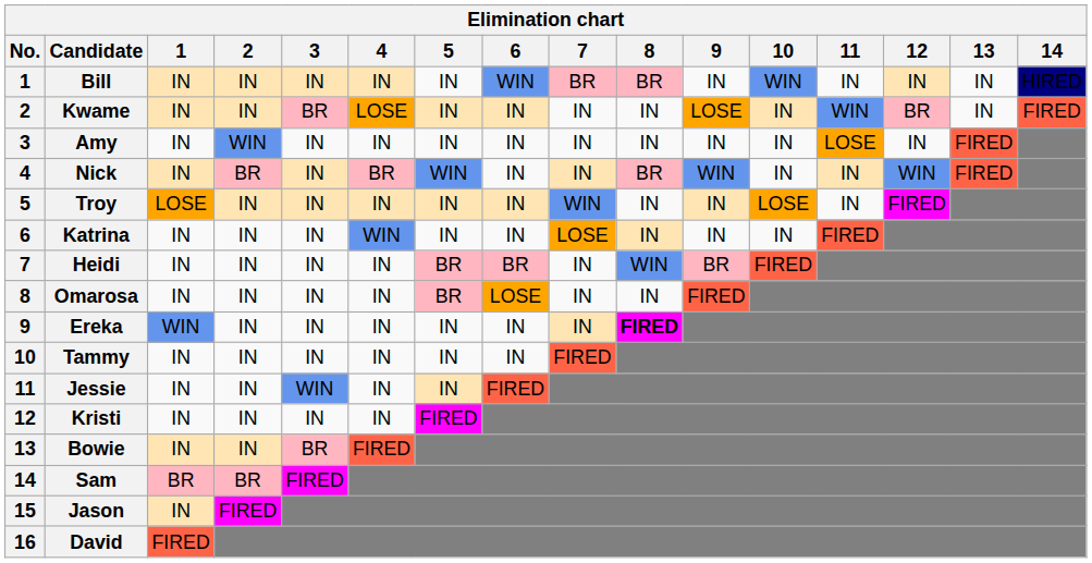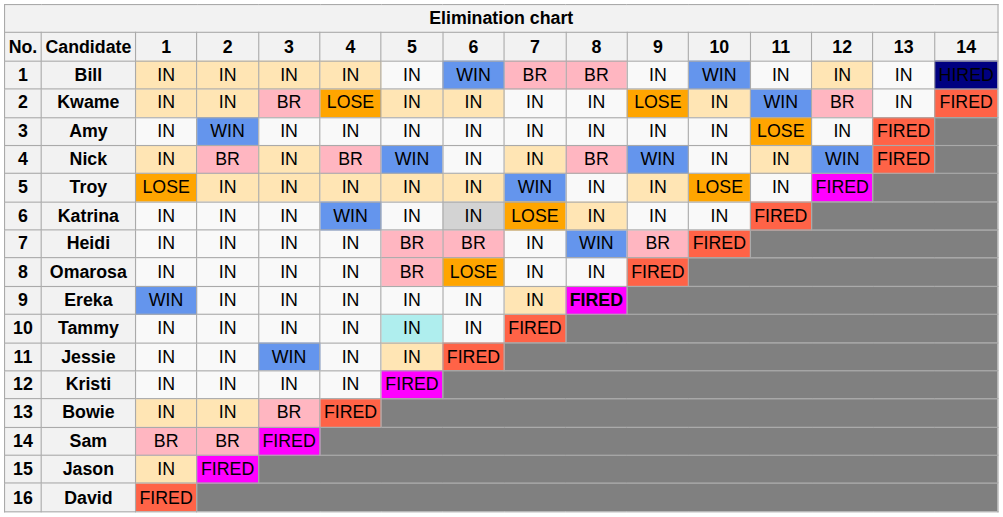 <table class="wikitable" style="text-align:center;">
 <tr>
 <th colspan="18">Elimination chart</th>
 </tr>
 <tr>
 <th>No.</th>
 <th>Candidate</th>
 <th>1</th>
 <th>2</th>
 <th>3</th>
 <th>4</th>
 <th>5</th>
 <th>6</th>
 <th>7</th>
 <th>8</th>
 <th>9</th>
 <th>10</th>
 <th>11</th>
 <th>12</th>
 <th>13</th>
 <th>14</th>
 </tr>
 <tr>
 <th>1</th>
 <th>Bill</th>
 <td style="background:#ffe5b4;">IN</td>
 <td style="background:#ffe5b4;">IN</td>
 <td style="background:#ffe5b4;">IN</td>
 <td style="background:#ffe5b4;">IN</td>
 <td>IN</td>
 <td style="background:cornflowerblue;">WIN</td>
 <td style="background:lightpink;">BR</td>
 <td style="background:lightpink;">BR</td>
 <td>IN</td>
 <td style="background:cornflowerblue;">WIN</td>
 <td>IN</td>
 <td style="background:#ffe5b4;">IN</td>
 <td>IN</td>
 <td style="background:navy;"><span>HIRED</span></td>
 </tr>
 <tr>
 <th>2</th>
 <th>Kwame</th>
 <td style="background:#ffe5b4;">IN</td>
 <td style="background:#ffe5b4;">IN</td>
 <td style="background:lightpink;">BR</td>
 <td style="background:orange;">LOSE</td>
 <td style="background:#ffe5b4;">IN</td>
 <td style="background:#ffe5b4;">IN</td>
 <td>IN</td>
 <td>IN</td>
 <td style="background:orange;">LOSE</td>
 <td style="background:#ffe5b4;">IN</td>
 <td style="background:cornflowerblue;">WIN</td>
 <td style="background:lightpink;">BR</td>
 <td>IN</td>
 <td style="background:tomato;">FIRED</td>
 </tr>
 <tr>
 <th>3</th>
 <th>Amy</th>
 <td>IN</td>
 <td style="background:cornflowerblue;">WIN</td>
 <td>IN</td>
 <td>IN</td>
 <td>IN</td>
 <td>IN</td>
 <td>IN</td>
 <td>IN</td>
 <td>IN</td>
 <td>IN</td>
 <td style="background:orange;">LOSE</td>
 <td>IN</td>
 <td style="background:tomato;">FIRED</td>
 <td colspan="1" style="background:gray;"></td>
 </tr>
 <tr>
 <th>4</th>
 <th>Nick</th>
 <td style="background:#ffe5b4;">IN</td>
 <td style="background:lightpink;">BR</td>
 <td style="background:#ffe5b4;">IN</td>
 <td style="background:lightpink;">BR</td>
 <td style="background:cornflowerblue;">WIN</td>
 <td>IN</td>
 <td style="background:#ffe5b4;">IN</td>
 <td style="background:lightpink;">BR</td>
 <td style="background:cornflowerblue;">WIN</td>
 <td>IN</td>
 <td style="background:#ffe5b4;">IN</td>
 <td style="background:cornflowerblue;">WIN</td>
 <td style="background:tomato;">FIRED</td>
 <td colspan="1" style="background:gray;"></td>
 </tr>
 <tr>
 <th>5</th>
 <th>Troy</th>
 <td style="background:orange;">LOSE</td>
 <td style="background:#ffe5b4;">IN</td>
 <td style="background:#ffe5b4;">IN</td>
 <td style="background:#ffe5b4;">IN</td>
 <td style="background:#ffe5b4;">IN</td>
 <td style="background:#ffe5b4;">IN</td>
 <td style="background:cornflowerblue;">WIN</td>
 <td>IN</td>
 <td style="background:#ffe5b4;">IN</td>
 <td style="background:orange;">LOSE</td>
 <td>IN</td>
 <td style="background:magenta;">FIRED</td>
 <td colspan="2" style="background:gray;"></td>
 </tr>
 <tr>
 <th>6</th>
 <th>Katrina</th>
 <td>IN</td>
 <td>IN</td>
 <td>IN</td>
 <td style="background:cornflowerblue;">WIN</td>
 <td>IN</td>
-<td>IN</td>
+<td style="background: lightgrey;">IN</td>
 <td style="background:orange;">LOSE</td>
 <td style="background:#ffe5b4;">IN</td>
 <td>IN</td>
 <td>IN</td>
 <td style="background:tomato;">FIRED</td>
 <td colspan="3" style="background:gray;"></td>
 </tr>
 <tr>
 <th>7</th>
 <th>Heidi</th>
 <td>IN</td>
 <td>IN</td>
 <td>IN</td>
 <td>IN</td>
 <td style="background:lightpink;">BR</td>
 <td style="background:lightpink;">BR</td>
 <td>IN</td>
 <td style="background:cornflowerblue;">WIN</td>
 <td style="background:lightpink;">BR</td>
 <td style="background:tomato;">FIRED</td>
 <td colspan="4" style="background:gray;"></td>
 </tr>
 <tr>
 <th>8</th>
 <th>Omarosa</th>
 <td>IN</td>
 <td>IN</td>
 <td>IN</td>
 <td>IN</td>
 <td style="background:lightpink;">BR</td>
 <td style="background:orange;">LOSE</td>
 <td>IN</td>
 <td>IN</td>
 <td style="background:tomato;">FIRED</td>
 <td colspan="5" style="background:gray;"></td>
 </tr>
 <tr>
 <th>9</th>
 <th>Ereka</th>
 <td style="background:cornflowerblue;">WIN</td>
 <td>IN</td>
 <td>IN</td>
 <td>IN</td>
 <td>IN</td>
 <td>IN</td>
 <td style="background:#ffe5b4;">IN</td>
 <td style="background:magenta;"><strong>FIRED</strong></td>
 <td colspan="6" style="background:gray;"></td>
 </tr>
 <tr>
 <th>10</th>
 <th>Tammy</th>
 <td>IN</td>
 <td>IN</td>
 <td>IN</td>
 <td>IN</td>
-<td>IN</td>
+<td style="background: paleturquoise;">IN</td>
 <td>IN</td>
 <td style="background:tomato;">FIRED</td>
 <td colspan="7" style="background:gray;"></td>
 </tr>
 <tr>
 <th>11</th>
 <th>Jessie</th>
 <td>IN</td>
 <td>IN</td>
 <td style="background:cornflowerblue;">WIN</td>
 <td>IN</td>
 <td style="background:#ffe5b4;">IN</td>
 <td style="background:tomato;">FIRED</td>
 <td colspan="9" style="background:gray;"></td>
 </tr>
 <tr>
 <th>12</th>
 <th>Kristi</th>
 <td>IN</td>
 <td>IN</td>
 <td>IN</td>
 <td>IN</td>
 <td style="background:magenta;">FIRED</td>
 <td colspan="10" style="background:gray;"></td>
 </tr>
 <tr>
 <th>13</th>
 <th>Bowie</th>
 <td style="background:#ffe5b4;">IN</td>
 <td style="background:#ffe5b4;">IN</td>
 <td style="background:lightpink;">BR</td>
 <td style="background:tomato;">FIRED</td>
 <td colspan="11" style="background:gray;"></td>
 </tr>
 <tr>
 <th>14</th>
 <th>Sam</th>
 <td style="background:lightpink;">BR</td>
 <td style="background:lightpink;">BR</td>
 <td style="background:magenta;">FIRED</td>
 <td colspan="12" style="background:gray;"></td>
 </tr>
 <tr>
 <th>15</th>
 <th>Jason</th>
 <td style="background:#ffe5b4;">IN</td>
 <td style="background:magenta;">FIRED</td>
 <td colspan="13" style="background:gray;"></td>
 </tr>
 <tr>
 <th>16</th>
 <th>David</th>
 <td style="background:tomato;">FIRED</td>
 <td colspan="14" style="background:gray;"></td>
 </tr>
 </table>
